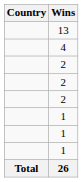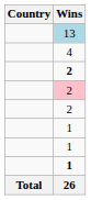 <table class="wikitable sortable" style="text-align:center">
 <tr>
 <th>Country</th>
 <th>Wins</th>
 </tr>
 <tr>
 <td align=left></td>
-<td>13</td>
+<td style="background: lightblue;">13</td>
 </tr>
 <tr>
 <td align=left></td>
 <td>4</td>
 </tr>
 <tr>
 <td align=left></td>
-<td>2</td>
+<td><strong>2</strong></td>
 </tr>
 <tr>
 <td align=left></td>
-<td>2</td>
+<td style="background: pink;">2</td>
 </tr>
 <tr>
 <td align=left></td>
 <td>2</td>
 </tr>
 <tr>
 <td align=left></td>
 <td>1</td>
 </tr>
 <tr>
 <td align=left></td>
 <td>1</td>
 </tr>
 <tr>
 <td align=left></td>
-<td>1</td>
+<td><strong>1</strong></td>
 </tr>
 <tr>
 <th>Total</th>
 <th>26</th>
 </tr>
 </table>
